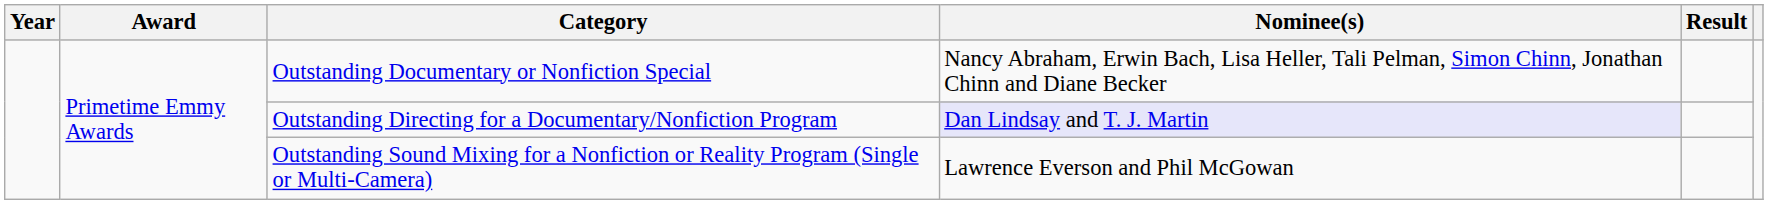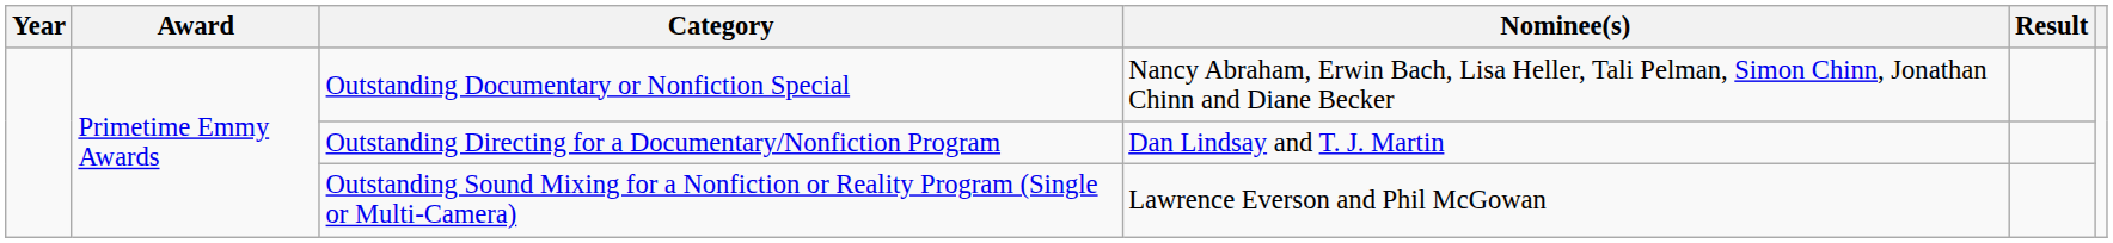 <table class="wikitable sortable">
 <tr>
 <th>Year</th>
 <th>Award</th>
 <th>Category</th>
 <th>Nominee(s)</th>
 <th>Result</th>
 <th></th>
 </tr>
 <tr>
 <td rowspan="3"></td>
 <td rowspan="3"><a href='#'>Primetime Emmy Awards</a></td>
 <td><a href='#'>Outstanding Documentary or Nonfiction Special</a></td>
 <td>Nancy Abraham, Erwin Bach, Lisa Heller, Tali Pelman, <a href='#'>Simon Chinn</a>, Jonathan Chinn and Diane Becker</td>
 <td></td>
 <td align="center" rowspan="3"></td>
 </tr>
 <tr>
 <td><a href='#'>Outstanding Directing for a Documentary/Nonfiction Program</a></td>
-<td style="background: lavender;"><a href='#'>Dan Lindsay</a> and <a href='#'>T. J. Martin</a></td>
+<td><a href='#'>Dan Lindsay</a> and <a href='#'>T. J. Martin</a></td>
 <td></td>
 </tr>
 <tr>
 <td><a href='#'>Outstanding Sound Mixing for a Nonfiction or Reality Program (Single or Multi-Camera)</a></td>
 <td>Lawrence Everson and Phil McGowan</td>
 <td></td>
 </tr>
 </table>
